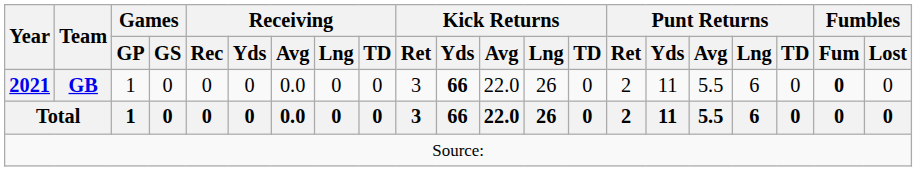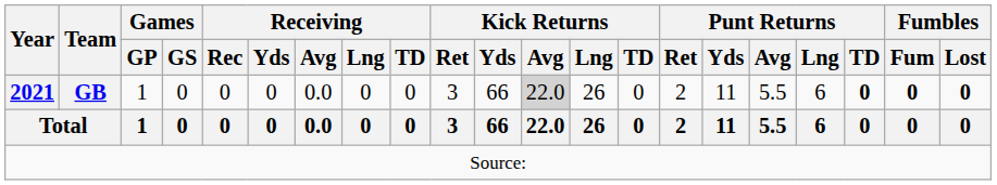 <table class="wikitable" style="text-align: center;">
 <tr>
 <th rowspan="2">Year</th>
 <th rowspan="2">Team</th>
 <th colspan="2">Games</th>
 <th colspan="5">Receiving</th>
 <th colspan="5">Kick Returns</th>
 <th colspan="5">Punt Returns</th>
 <th colspan="2">Fumbles</th>
 </tr>
 <tr>
 <th>GP</th>
 <th>GS</th>
 <th>Rec</th>
 <th>Yds</th>
 <th>Avg</th>
 <th>Lng</th>
 <th>TD</th>
 <th>Ret</th>
 <th>Yds</th>
 <th>Avg</th>
 <th>Lng</th>
 <th>TD</th>
 <th>Ret</th>
 <th>Yds</th>
 <th>Avg</th>
 <th>Lng</th>
 <th>TD</th>
 <th>Fum</th>
 <th>Lost</th>
 </tr>
 <tr>
 <th><a href='#'>2021</a></th>
 <th><a href='#'>GB</a></th>
 <td>1</td>
 <td>0</td>
 <td>0</td>
 <td>0</td>
 <td>0.0</td>
 <td>0</td>
 <td>0</td>
 <td>3</td>
-<td><strong>66</strong></td>
-<td>22.0</td>
+<td>66</td>
+<td style="background: lightgrey;">22.0</td>
 <td>26</td>
 <td>0</td>
 <td>2</td>
 <td>11</td>
 <td>5.5</td>
 <td>6</td>
-<td>0</td>
 <td><strong>0</strong></td>
-<td>0</td>
+<td><strong>0</strong></td>
+<td><strong>0</strong></td>
 </tr>
 <tr>
 <th colspan="2">Total</th>
 <th>1</th>
 <th>0</th>
 <th>0</th>
 <th>0</th>
 <th>0.0</th>
 <th>0</th>
 <th>0</th>
 <th>3</th>
 <th>66</th>
 <th>22.0</th>
 <th>26</th>
 <th>0</th>
 <th>2</th>
 <th>11</th>
 <th>5.5</th>
 <th>6</th>
 <th>0</th>
 <th>0</th>
 <th>0</th>
 </tr>
 <tr>
 <td colspan="21"><small>Source: </small></td>
 </tr>
 </table>
